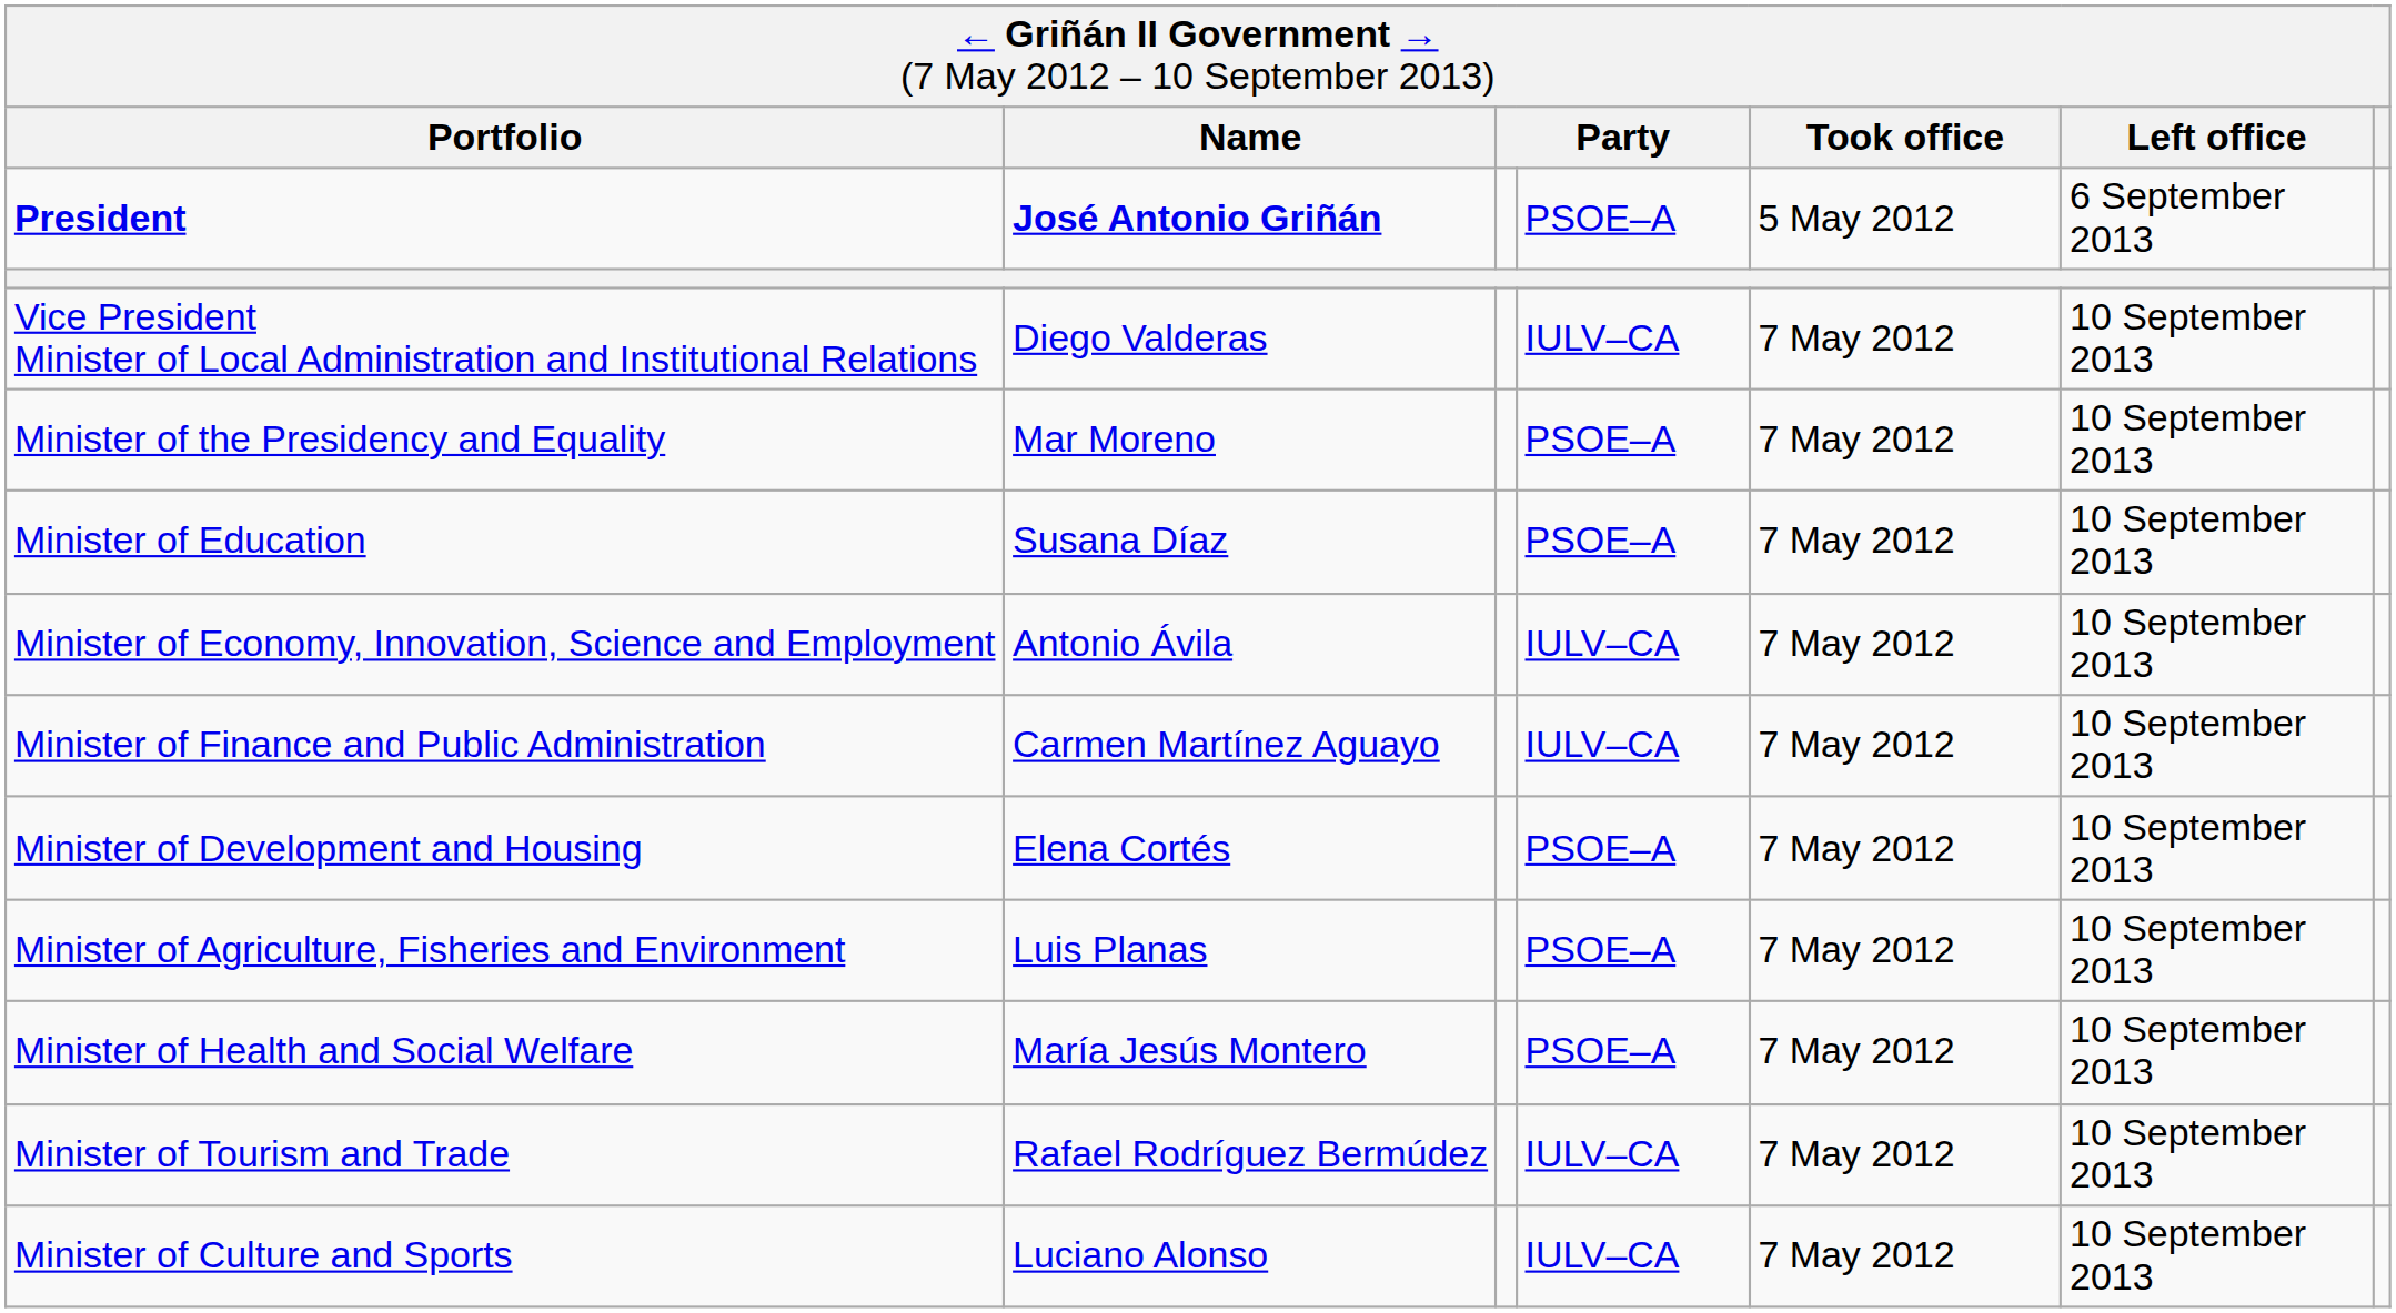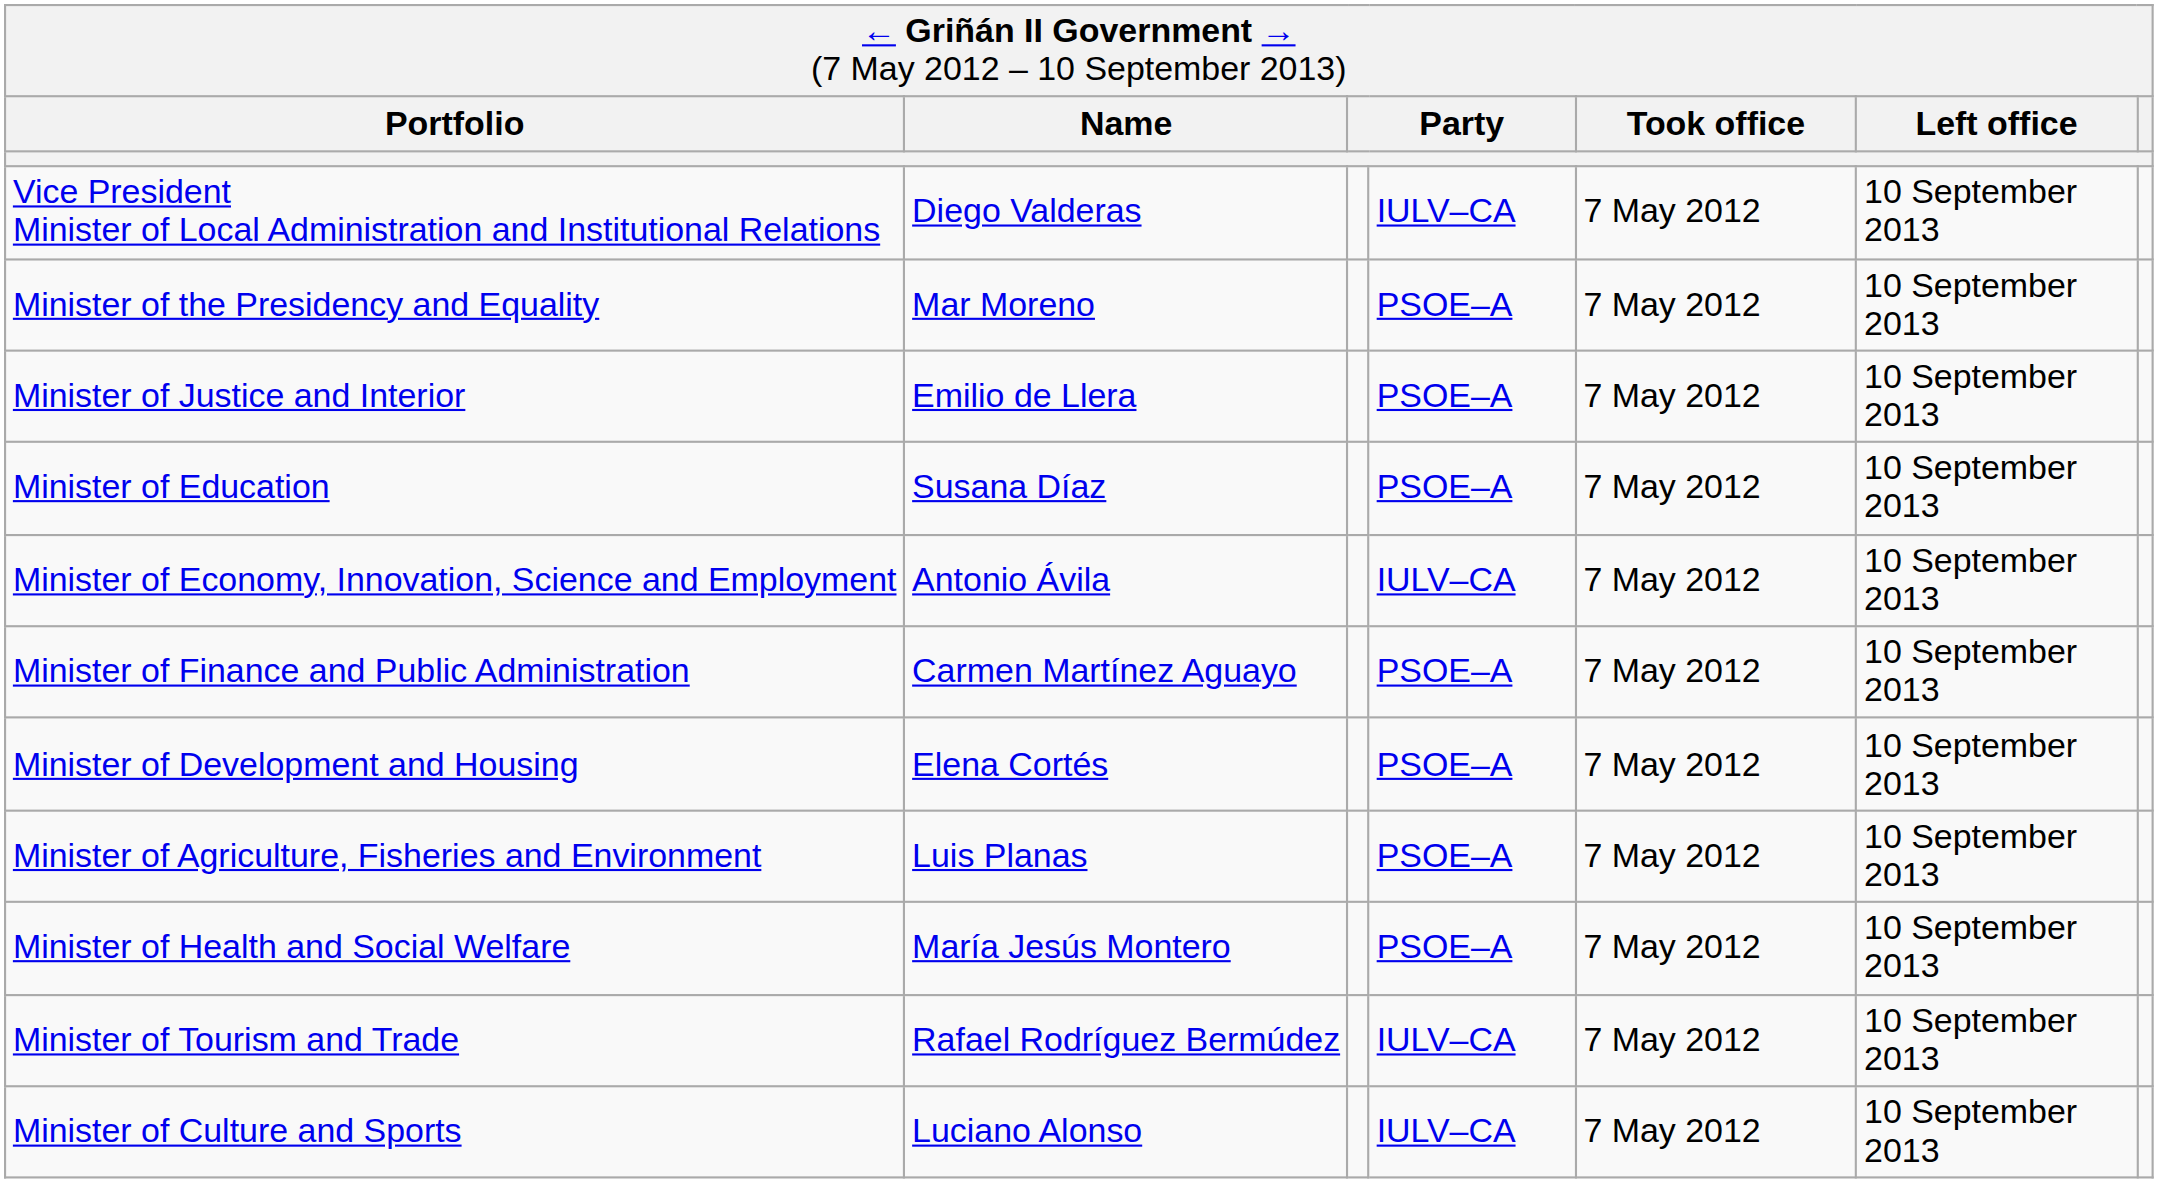 <table class="wikitable">
 <tr>
 <td colspan="7" bgcolor="#F2F2F2" align="center"><a href='#'>←</a> <strong>Griñán II Government</strong> <a href='#'>→</a><br>(7 May 2012 – 10 September 2013)</td>
 </tr>
 <tr>
 <th>Portfolio</th>
 <th>Name</th>
 <th width="100px" colspan="2">Party</th>
 <th width="125px">Took office</th>
 <th width="125px">Left office</th>
 <th></th>
-</tr>
-<tr>
-<td><strong><a href='#'>President</a></strong></td>
-<td><strong><a href='#'>José Antonio Griñán</a></strong></td>
-<td width="1" style="background-color:"></td>
-<td><a href='#'>PSOE–A</a></td>
-<td>5 May 2012</td>
-<td>6 September 2013</td>
-<td align="center"></td>
 </tr>
 <tr>
 <th colspan="7"></th>
 </tr>
 <tr>
 <td><a href='#'>Vice President</a><br><a href='#'>Minister of Local Administration and Institutional Relations</a></td>
 <td><a href='#'>Diego Valderas</a></td>
 <td style="background-color:"></td>
 <td><a href='#'>IULV–CA</a></td>
 <td>7 May 2012</td>
 <td>10 September 2013</td>
 <td align="center"><br></td>
 </tr>
 <tr>
 <td><a href='#'>Minister of the Presidency and Equality</a></td>
 <td><a href='#'>Mar Moreno</a></td>
 <td style="background-color:"></td>
 <td><a href='#'>PSOE–A</a></td>
+<td>7 May 2012</td>
+<td>10 September 2013</td>
+<td align="center"></td>
+</tr>
+<tr>
+<td><a href='#'>Minister of Justice and Interior</a></td>
+<td><a href='#'>Emilio de Llera</a></td>
+<td style="background-color:"></td>
+<td><a href='#'>PSOE–A</a> </td>
 <td>7 May 2012</td>
 <td>10 September 2013</td>
 <td align="center"></td>
 </tr>
 <tr>
 <td><a href='#'>Minister of Education</a></td>
 <td><a href='#'>Susana Díaz</a></td>
 <td style="background-color:"></td>
 <td><a href='#'>PSOE–A</a></td>
 <td>7 May 2012</td>
 <td>10 September 2013</td>
 <td align="center"></td>
 </tr>
 <tr>
 <td><a href='#'>Minister of Economy, Innovation, Science and Employment</a></td>
 <td><a href='#'>Antonio Ávila</a></td>
 <td style="background-color:"></td>
 <td><a href='#'>IULV–CA</a></td>
 <td>7 May 2012</td>
 <td>10 September 2013</td>
 <td align="center"></td>
 </tr>
 <tr>
 <td><a href='#'>Minister of Finance and Public Administration</a></td>
 <td><a href='#'>Carmen Martínez Aguayo</a></td>
 <td style="background-color:"></td>
-<td><a href='#'>IULV–CA</a></td>
+<td><a href='#'>PSOE–A</a></td>
 <td>7 May 2012</td>
 <td>10 September 2013</td>
 <td align="center"></td>
 </tr>
 <tr>
 <td><a href='#'>Minister of Development and Housing</a></td>
 <td><a href='#'>Elena Cortés</a></td>
 <td style="background-color:"></td>
 <td><a href='#'>PSOE–A</a></td>
 <td>7 May 2012</td>
 <td>10 September 2013</td>
 <td align="center"></td>
 </tr>
 <tr>
 <td><a href='#'>Minister of Agriculture, Fisheries and Environment</a></td>
 <td><a href='#'>Luis Planas</a></td>
 <td style="background-color:"></td>
 <td><a href='#'>PSOE–A</a></td>
 <td>7 May 2012</td>
 <td>10 September 2013</td>
 <td align="center"></td>
 </tr>
 <tr>
 <td><a href='#'>Minister of Health and Social Welfare</a></td>
 <td><a href='#'>María Jesús Montero</a></td>
 <td style="background-color:"></td>
 <td><a href='#'>PSOE–A</a></td>
 <td>7 May 2012</td>
 <td>10 September 2013</td>
 <td align="center"></td>
 </tr>
 <tr>
 <td><a href='#'>Minister of Tourism and Trade</a></td>
 <td><a href='#'>Rafael Rodríguez Bermúdez</a></td>
 <td style="background-color:"></td>
 <td><a href='#'>IULV–CA</a></td>
 <td>7 May 2012</td>
 <td>10 September 2013</td>
 <td align="center"></td>
 </tr>
 <tr>
 <td><a href='#'>Minister of Culture and Sports</a></td>
 <td><a href='#'>Luciano Alonso</a></td>
 <td style="background-color:"></td>
 <td><a href='#'>IULV–CA</a></td>
 <td>7 May 2012</td>
 <td>10 September 2013</td>
 <td align="center"></td>
 </tr>
 </table>
